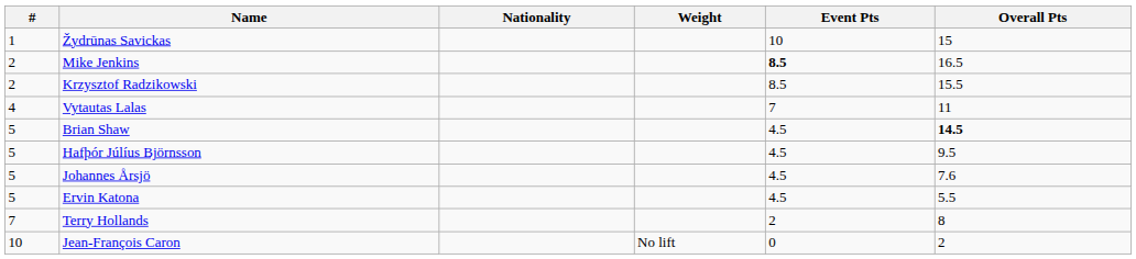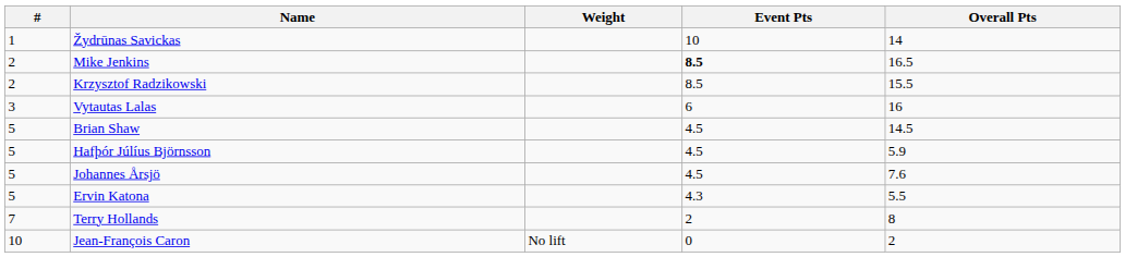 <table class="wikitable sortable" style="display: inline-table; width: 100%;">
 <tr>
 <th>#</th>
 <th>Name</th>
-<th>Nationality</th>
 <th>Weight</th>
 <th>Event Pts</th>
 <th>Overall Pts</th>
 </tr>
 <tr>
 <td>1</td>
 <td><a href='#'>Žydrūnas Savickas</a></td>
 <td></td>
-<td></td>
 <td>10</td>
-<td>15</td>
+<td>14</td>
 </tr>
 <tr>
 <td>2</td>
 <td><a href='#'>Mike Jenkins</a></td>
-<td></td>
 <td></td>
 <td><strong>8.5</strong></td>
 <td>16.5</td>
 </tr>
 <tr>
 <td>2</td>
 <td><a href='#'>Krzysztof Radzikowski</a></td>
 <td></td>
-<td></td>
 <td>8.5</td>
 <td>15.5</td>
 </tr>
 <tr>
-<td>4</td>
+<td>3</td>
 <td><a href='#'>Vytautas Lalas</a></td>
 <td></td>
-<td></td>
-<td>7</td>
-<td>11</td>
+<td>6</td>
+<td>16</td>
 </tr>
 <tr>
 <td>5</td>
 <td><a href='#'>Brian Shaw</a></td>
 <td></td>
-<td></td>
 <td>4.5</td>
-<td><strong>14.5</strong></td>
+<td>14.5</td>
 </tr>
 <tr>
 <td>5</td>
 <td><a href='#'>Hafþór Júlíus Björnsson</a></td>
 <td></td>
-<td></td>
 <td>4.5</td>
-<td>9.5</td>
+<td>5.9</td>
 </tr>
 <tr>
 <td>5</td>
 <td><a href='#'>Johannes Årsjö</a></td>
-<td></td>
 <td></td>
 <td>4.5</td>
 <td>7.6</td>
 </tr>
 <tr>
 <td>5</td>
 <td><a href='#'>Ervin Katona</a></td>
 <td></td>
-<td></td>
-<td>4.5</td>
+<td>4.3</td>
 <td>5.5</td>
 </tr>
 <tr>
 <td>7</td>
 <td><a href='#'>Terry Hollands</a></td>
-<td></td>
 <td></td>
 <td>2</td>
 <td>8</td>
 </tr>
 <tr>
 <td>10</td>
 <td><a href='#'>Jean-François Caron</a></td>
-<td></td>
 <td>No lift</td>
 <td>0</td>
 <td>2</td>
 </tr>
 </table>
